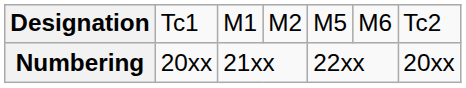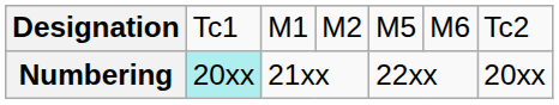 <table class="wikitable">
 <tr>
 <th>Designation</th>
 <td>Tc1</td>
 <td>M1</td>
 <td>M2</td>
 <td>M5</td>
 <td>M6</td>
 <td>Tc2</td>
 </tr>
 <tr>
 <th>Numbering</th>
-<td>20xx</td>
+<td style="background: paleturquoise;">20xx</td>
 <td colspan="2">21xx</td>
 <td colspan="2">22xx</td>
 <td>20xx</td>
 </tr>
 </table>
